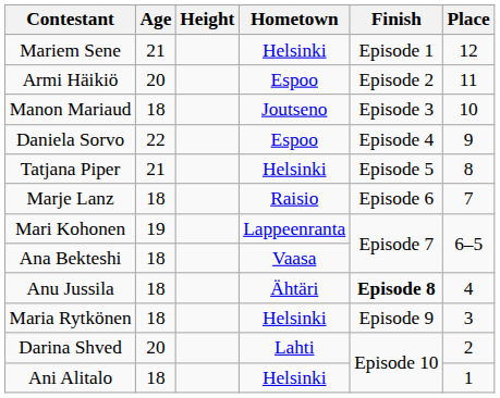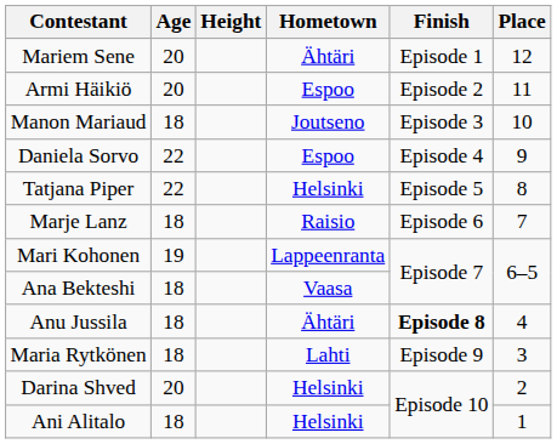 <table class="wikitable sortable" style="text-align:center;">
 <tr>
 <th>Contestant</th>
 <th>Age</th>
 <th>Height</th>
 <th>Hometown</th>
 <th>Finish</th>
 <th>Place</th>
 </tr>
 <tr>
 <td>Mariem Sene</td>
-<td>21</td>
+<td>20</td>
 <td></td>
-<td><a href='#'>Helsinki</a></td>
+<td><a href='#'>Ähtäri</a></td>
 <td>Episode 1</td>
 <td>12</td>
 </tr>
 <tr>
 <td>Armi Häikiö</td>
 <td>20</td>
 <td></td>
 <td><a href='#'>Espoo</a></td>
 <td>Episode 2</td>
 <td>11</td>
 </tr>
 <tr>
 <td>Manon Mariaud</td>
 <td>18</td>
 <td></td>
 <td><a href='#'>Joutseno</a></td>
 <td>Episode 3</td>
 <td>10</td>
 </tr>
 <tr>
 <td>Daniela Sorvo</td>
 <td>22</td>
 <td></td>
 <td><a href='#'>Espoo</a></td>
 <td>Episode 4</td>
 <td>9</td>
 </tr>
 <tr>
 <td>Tatjana Piper</td>
-<td>21</td>
+<td>22</td>
 <td></td>
 <td><a href='#'>Helsinki</a></td>
 <td>Episode 5</td>
 <td>8</td>
 </tr>
 <tr>
 <td>Marje Lanz</td>
 <td>18</td>
 <td></td>
 <td><a href='#'>Raisio</a></td>
 <td>Episode 6</td>
 <td>7</td>
 </tr>
 <tr>
 <td>Mari Kohonen</td>
 <td>19</td>
 <td></td>
 <td><a href='#'>Lappeenranta</a></td>
 <td rowspan="2">Episode 7</td>
 <td rowspan="2">6–5</td>
 </tr>
 <tr>
 <td>Ana Bekteshi</td>
 <td>18</td>
 <td></td>
 <td><a href='#'>Vaasa</a></td>
 </tr>
 <tr>
 <td>Anu Jussila</td>
 <td>18</td>
 <td></td>
 <td><a href='#'>Ähtäri</a></td>
 <td><strong>Episode 8</strong></td>
 <td>4</td>
 </tr>
 <tr>
 <td>Maria Rytkönen</td>
 <td>18</td>
 <td></td>
-<td><a href='#'>Helsinki</a></td>
+<td><a href='#'>Lahti</a></td>
 <td>Episode 9</td>
 <td>3</td>
 </tr>
 <tr>
 <td>Darina Shved</td>
 <td>20</td>
 <td></td>
-<td><a href='#'>Lahti</a></td>
+<td><a href='#'>Helsinki</a></td>
 <td rowspan="2">Episode 10</td>
 <td>2</td>
 </tr>
 <tr>
 <td>Ani Alitalo</td>
 <td>18</td>
 <td></td>
 <td><a href='#'>Helsinki</a></td>
 <td>1</td>
 </tr>
 </table>
